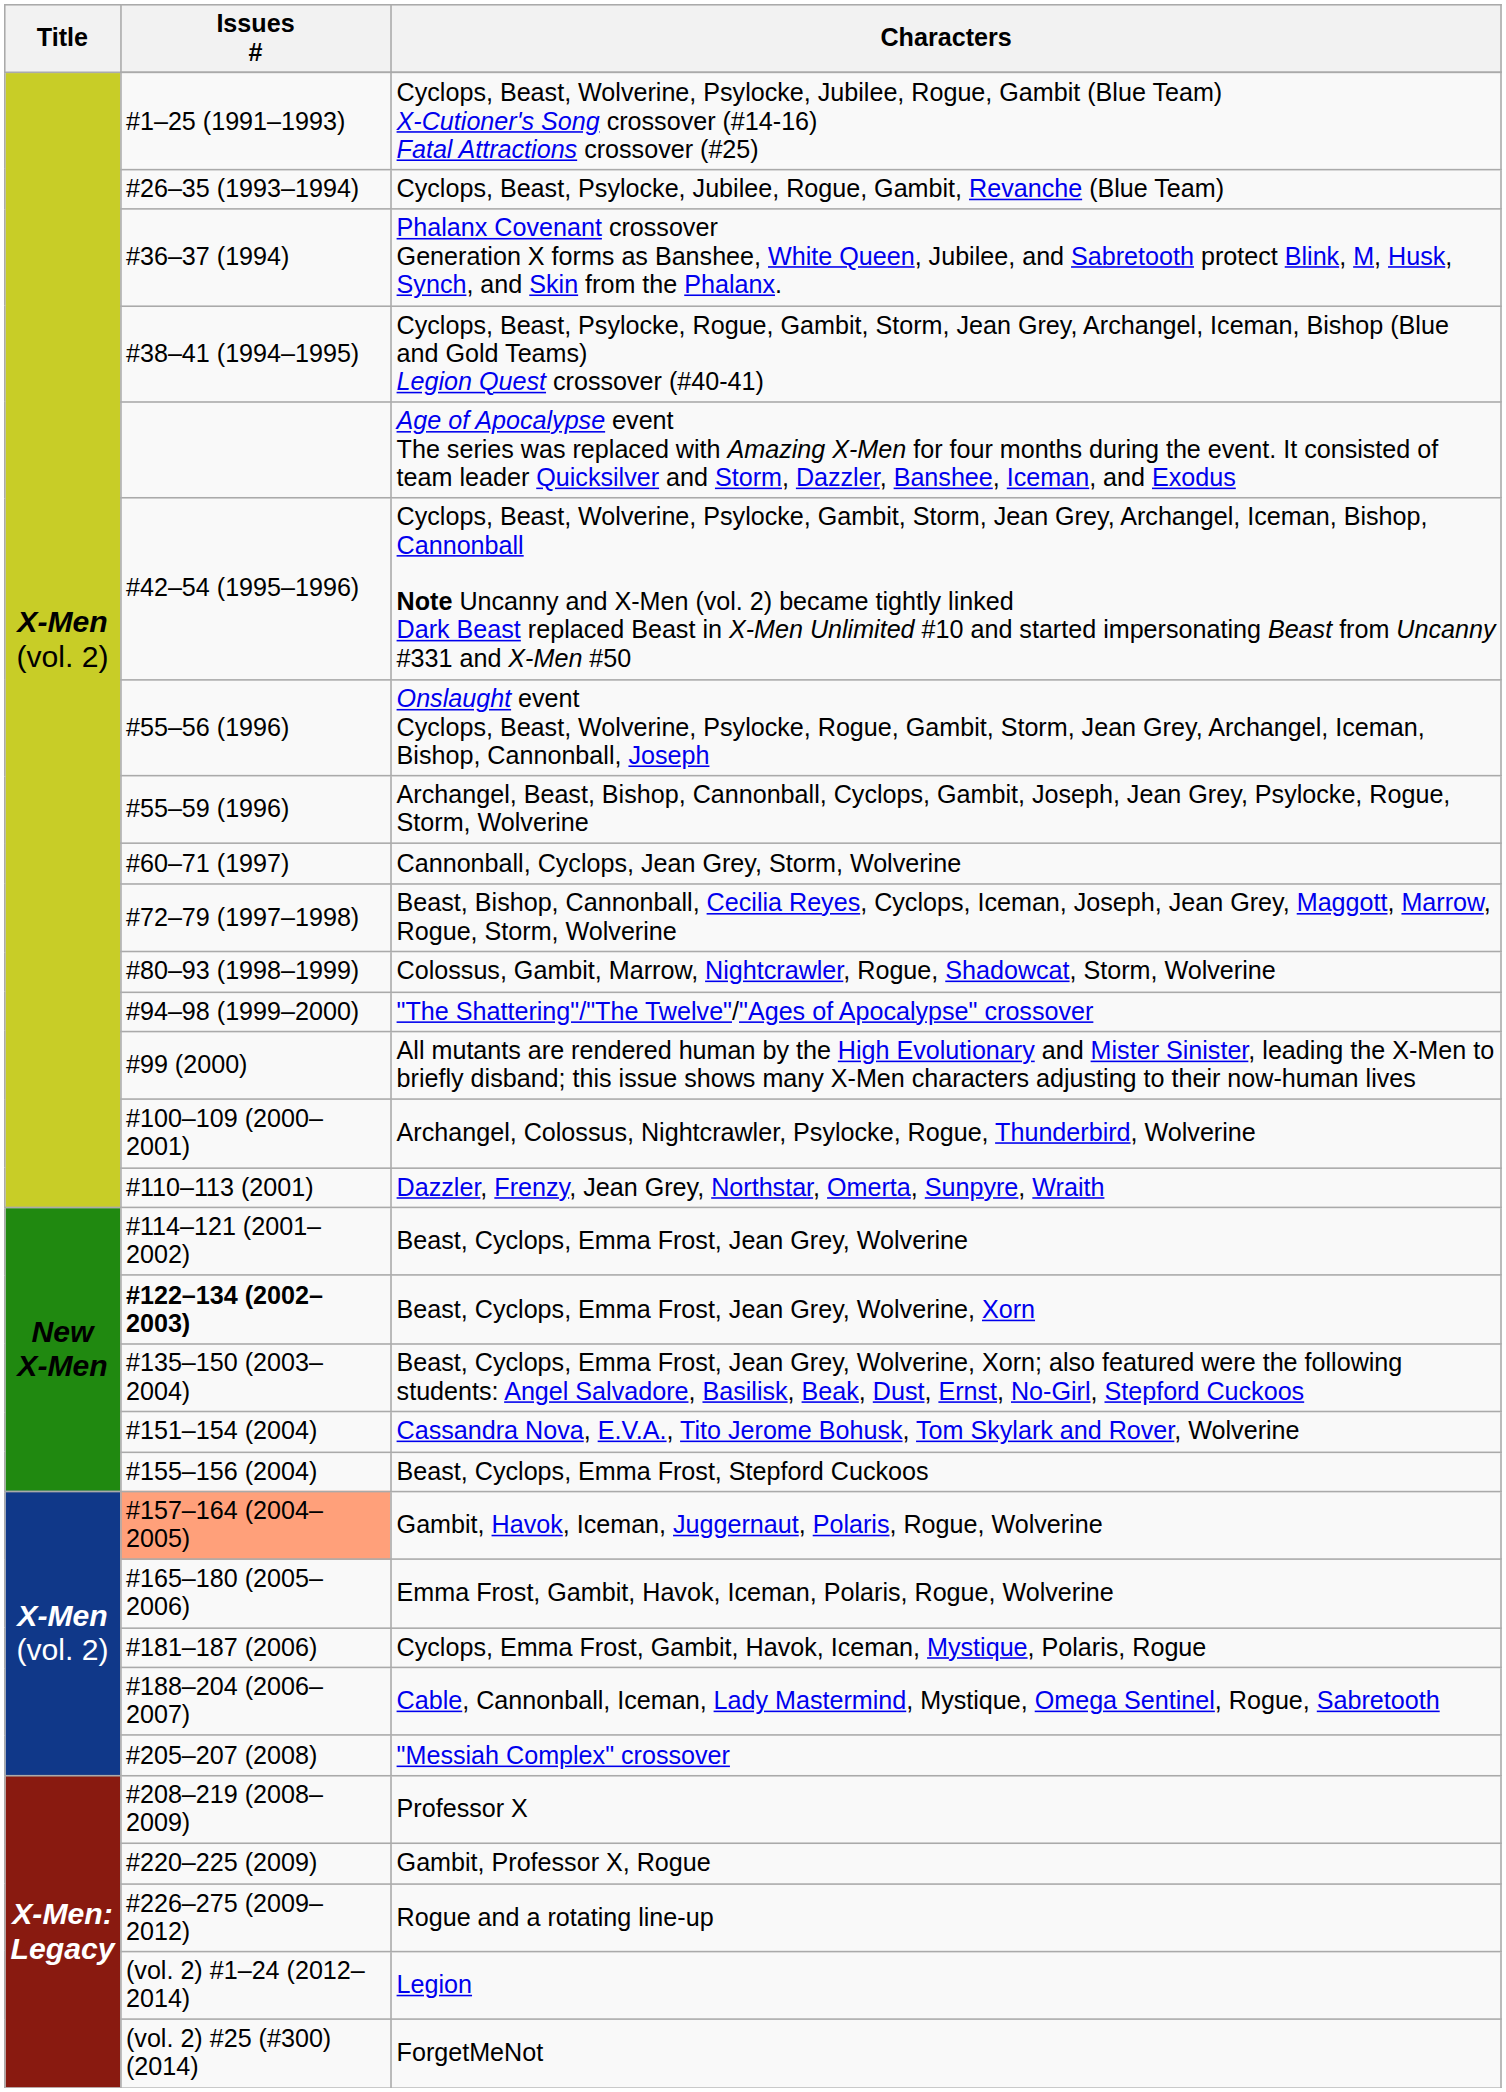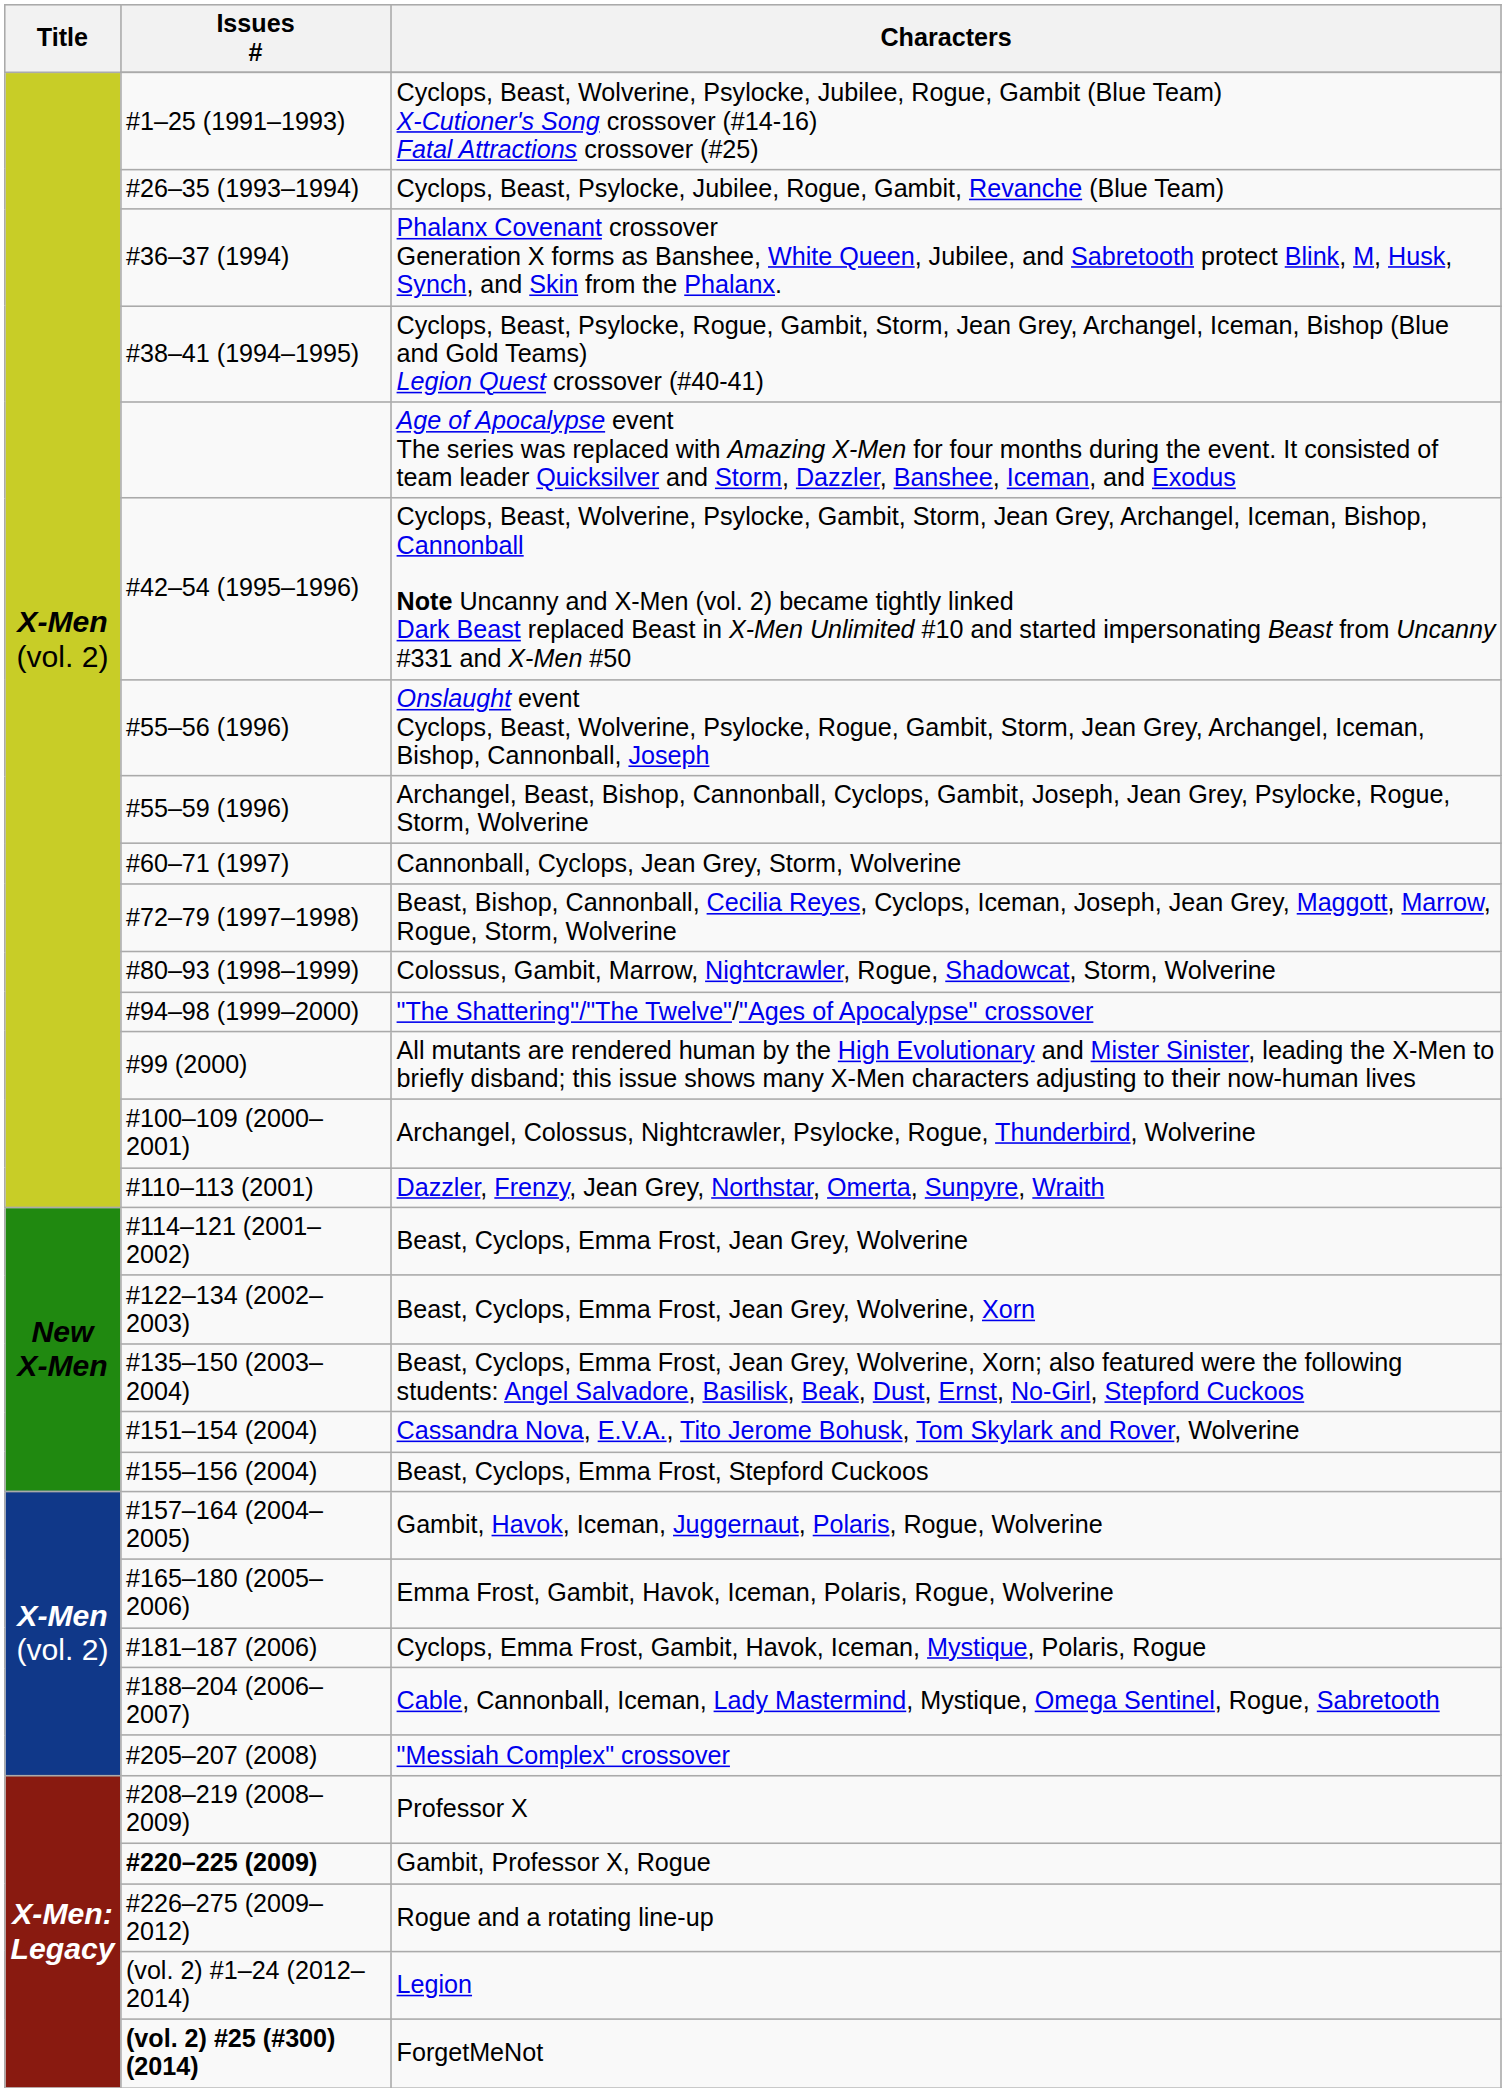 <table class="wikitable">
 <tr>
 <th width="35">Title <br></th>
 <th width="165">Issues <br>#</th>
 <th width="700">Characters</th>
 </tr>
 <tr>
 <td style="background-color: #C8CD27" align='center' rowspan="16"><big><strong><em>X-Men</em></strong> (vol. 2)</big></td>
 </tr>
 <tr>
 <td>#1–25 (1991–1993)</td>
 <td>Cyclops, Beast, Wolverine, Psylocke, Jubilee, Rogue, Gambit (Blue Team)<br><em><a href='#'>X-Cutioner's Song</a></em> crossover (#14-16) <br> <em><a href='#'>Fatal Attractions</a></em> crossover (#25)</td>
 </tr>
 <tr>
 <td>#26–35 (1993–1994)</td>
 <td>Cyclops, Beast, Psylocke, Jubilee, Rogue, Gambit, <a href='#'>Revanche</a> (Blue Team)</td>
 </tr>
 <tr>
 <td>#36–37 (1994)</td>
 <td><a href='#'>Phalanx Covenant</a> crossover<br>Generation X forms as Banshee, <a href='#'>White Queen</a>, Jubilee, and <a href='#'>Sabretooth</a> protect <a href='#'>Blink</a>, <a href='#'>M</a>, <a href='#'>Husk</a>, <a href='#'>Synch</a>, and <a href='#'>Skin</a> from the <a href='#'>Phalanx</a>.</td>
 </tr>
 <tr>
 <td>#38–41 (1994–1995)</td>
 <td>Cyclops, Beast, Psylocke, Rogue, Gambit, Storm, Jean Grey, Archangel, Iceman, Bishop (Blue and Gold Teams)<br><em><a href='#'>Legion Quest</a></em> crossover (#40-41)</td>
 </tr>
 <tr>
 <td></td>
 <td><em><a href='#'>Age of Apocalypse</a></em> event<br>The series was replaced with <em>Amazing X-Men</em> for four months during the event. It consisted of team leader <a href='#'>Quicksilver</a> and <a href='#'>Storm</a>, <a href='#'>Dazzler</a>, <a href='#'>Banshee</a>, <a href='#'>Iceman</a>, and <a href='#'>Exodus</a></td>
 </tr>
 <tr>
 <td>#42–54 (1995–1996)</td>
 <td>Cyclops, Beast, Wolverine, Psylocke, Gambit, Storm, Jean Grey, Archangel, Iceman, Bishop, <a href='#'>Cannonball</a><br><br> <strong>Note</strong> Uncanny and X-Men (vol. 2) became tightly linked <br> <a href='#'>Dark Beast</a> replaced Beast in <em>X-Men Unlimited</em> #10 and started impersonating <em>Beast</em> from <em>Uncanny</em> #331 and <em>X-Men</em> #50</td>
 </tr>
 <tr>
 <td>#55–56 (1996)</td>
 <td><em><a href='#'>Onslaught</a></em> event<br>Cyclops, Beast, Wolverine, Psylocke, Rogue, Gambit, Storm, Jean Grey, Archangel, Iceman, Bishop, Cannonball, <a href='#'>Joseph</a></td>
 </tr>
 <tr>
 <td>#55–59 (1996)</td>
 <td>Archangel, Beast, Bishop, Cannonball, Cyclops, Gambit, Joseph, Jean Grey, Psylocke, Rogue, Storm, Wolverine</td>
 </tr>
 <tr>
 <td>#60–71 (1997)</td>
 <td>Cannonball, Cyclops, Jean Grey, Storm, Wolverine</td>
 </tr>
 <tr>
 <td>#72–79 (1997–1998)</td>
 <td>Beast, Bishop, Cannonball, <a href='#'>Cecilia Reyes</a>, Cyclops, Iceman, Joseph, Jean Grey, <a href='#'>Maggott</a>, <a href='#'>Marrow</a>, Rogue, Storm, Wolverine</td>
 </tr>
 <tr>
 <td>#80–93 (1998–1999)</td>
 <td>Colossus, Gambit, Marrow, <a href='#'>Nightcrawler</a>, Rogue, <a href='#'>Shadowcat</a>, Storm, Wolverine</td>
 </tr>
 <tr>
 <td>#94–98 (1999–2000)</td>
 <td><a href='#'>"The Shattering"/"The Twelve"</a>/<a href='#'>"Ages of Apocalypse" crossover</a></td>
 </tr>
 <tr>
 <td>#99 (2000)</td>
 <td>All mutants are rendered human by the <a href='#'>High Evolutionary</a> and <a href='#'>Mister Sinister</a>, leading the X-Men to briefly disband; this issue shows many X-Men characters adjusting to their now-human lives</td>
 </tr>
 <tr>
 <td>#100–109 (2000–2001)</td>
 <td>Archangel, Colossus, Nightcrawler, Psylocke, Rogue, <a href='#'>Thunderbird</a>, Wolverine</td>
 </tr>
 <tr>
 <td>#110–113 (2001)</td>
 <td><a href='#'>Dazzler</a>, <a href='#'>Frenzy</a>, Jean Grey, <a href='#'>Northstar</a>, <a href='#'>Omerta</a>, <a href='#'>Sunpyre</a>, <a href='#'>Wraith</a></td>
 </tr>
 <tr>
 <td style="background-color: #208910" align='center' rowspan="5"><big><strong><em>New<br> X-Men</em></strong></big></td>
 <td>#114–121 (2001–2002)</td>
 <td>Beast, Cyclops, Emma Frost, Jean Grey, Wolverine</td>
 </tr>
 <tr>
-<td><strong>#122–134 (2002–2003)</strong></td>
+<td>#122–134 (2002–2003)</td>
 <td>Beast, Cyclops, Emma Frost, Jean Grey, Wolverine, <a href='#'>Xorn</a></td>
 </tr>
 <tr>
 <td>#135–150 (2003–2004)</td>
 <td>Beast, Cyclops, Emma Frost, Jean Grey, Wolverine, Xorn; also featured were the following students: <a href='#'>Angel Salvadore</a>, <a href='#'>Basilisk</a>, <a href='#'>Beak</a>, <a href='#'>Dust</a>, <a href='#'>Ernst</a>, <a href='#'>No-Girl</a>, <a href='#'>Stepford Cuckoos</a></td>
 </tr>
 <tr>
 <td>#151–154 (2004)</td>
 <td><a href='#'>Cassandra Nova</a>, <a href='#'>E.V.A.</a>, <a href='#'>Tito Jerome Bohusk</a>, <a href='#'>Tom Skylark and Rover</a>, Wolverine</td>
 </tr>
 <tr>
 <td>#155–156 (2004)</td>
 <td>Beast, Cyclops, Emma Frost, Stepford Cuckoos</td>
 </tr>
 <tr>
 <td style="background-color: #103889; color:white" align='center' rowspan="5"><big><strong><em>X-Men</em></strong> (vol. 2)</big></td>
-<td style="background: lightsalmon;">#157–164 (2004–2005)</td>
+<td>#157–164 (2004–2005)</td>
 <td>Gambit, <a href='#'>Havok</a>, Iceman, <a href='#'>Juggernaut</a>, <a href='#'>Polaris</a>, Rogue, Wolverine</td>
 </tr>
 <tr>
 <td>#165–180 (2005–2006)</td>
 <td>Emma Frost, Gambit, Havok, Iceman, Polaris, Rogue, Wolverine</td>
 </tr>
 <tr>
 <td>#181–187 (2006)</td>
 <td>Cyclops, Emma Frost, Gambit, Havok, Iceman, <a href='#'>Mystique</a>, Polaris, Rogue</td>
 </tr>
 <tr>
 <td>#188–204 (2006–2007)</td>
 <td><a href='#'>Cable</a>, Cannonball, Iceman, <a href='#'>Lady Mastermind</a>, Mystique, <a href='#'>Omega Sentinel</a>, Rogue, <a href='#'>Sabretooth</a></td>
 </tr>
 <tr>
 <td>#205–207 (2008)</td>
 <td><a href='#'>"Messiah Complex" crossover</a></td>
 </tr>
 <tr>
 <td style="background-color: #891A10; color:white" align='center' rowspan="18"><big><strong><em>X-Men: Legacy</em></strong></big></td>
 <td>#208–219 (2008–2009)</td>
 <td>Professor X</td>
 </tr>
 <tr>
-<td>#220–225 (2009)</td>
+<td><strong>#220–225 (2009)</strong></td>
 <td>Gambit, Professor X, Rogue</td>
 </tr>
 <tr>
 <td>#226–275 (2009–2012)</td>
 <td>Rogue and a rotating line-up</td>
 </tr>
 <tr>
 <td>(vol. 2) #1–24 (2012–2014)</td>
 <td><a href='#'>Legion</a></td>
 </tr>
 <tr>
-<td>(vol. 2) #25 (#300) (2014)</td>
+<td><strong>(vol. 2) #25 (#300) (2014)</strong></td>
 <td>ForgetMeNot</td>
 </tr>
 </table>
